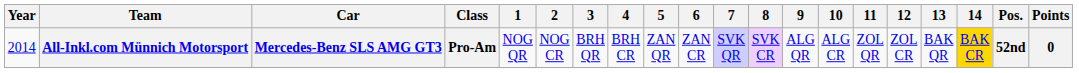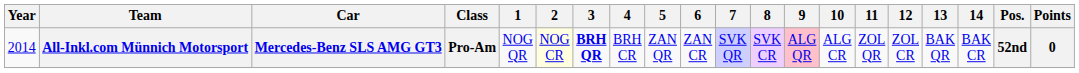 <table class="wikitable" border="1" style="text-align:center; font-size:90%;">
 <tr>
 <th>Year</th>
 <th>Team</th>
 <th>Car</th>
 <th>Class</th>
 <th>1</th>
 <th>2</th>
 <th>3</th>
 <th>4</th>
 <th>5</th>
 <th>6</th>
 <th>7</th>
 <th>8</th>
 <th>9</th>
 <th>10</th>
 <th>11</th>
 <th>12</th>
 <th>13</th>
 <th>14</th>
 <th>Pos.</th>
 <th>Points</th>
 </tr>
 <tr>
 <td><a href='#'>2014</a></td>
 <th><a href='#'>All-Inkl.com Münnich Motorsport</a></th>
 <th><a href='#'>Mercedes-Benz SLS AMG GT3</a></th>
 <th>Pro-Am</th>
 <td><a href='#'>NOG<br>QR</a></td>
-<td><a href='#'>NOG<br>CR</a></td>
-<td><a href='#'>BRH<br>QR</a></td>
+<td style="background: lightyellow;"><a href='#'>NOG<br>CR</a></td>
+<td><strong><a href='#'>BRH<br>QR</a></strong></td>
 <td><a href='#'>BRH<br>CR</a></td>
 <td><a href='#'>ZAN<br>QR</a></td>
 <td><a href='#'>ZAN<br>CR</a></td>
 <td style="background:#CFCFFF;"><a href='#'>SVK<br>QR</a><br></td>
 <td style="background:#EFCFFF;"><a href='#'>SVK<br>CR</a><br></td>
-<td><a href='#'>ALG<br>QR</a></td>
+<td style="background: pink;"><a href='#'>ALG<br>QR</a></td>
 <td><a href='#'>ALG<br>CR</a></td>
 <td><a href='#'>ZOL<br>QR</a></td>
 <td><a href='#'>ZOL<br>CR</a></td>
 <td><a href='#'>BAK<br>QR</a></td>
-<td style="background: gold;"><a href='#'>BAK<br>CR</a></td>
+<td><a href='#'>BAK<br>CR</a></td>
 <th>52nd</th>
 <th>0</th>
 </tr>
 <tr>
 </tr>
 </table>
